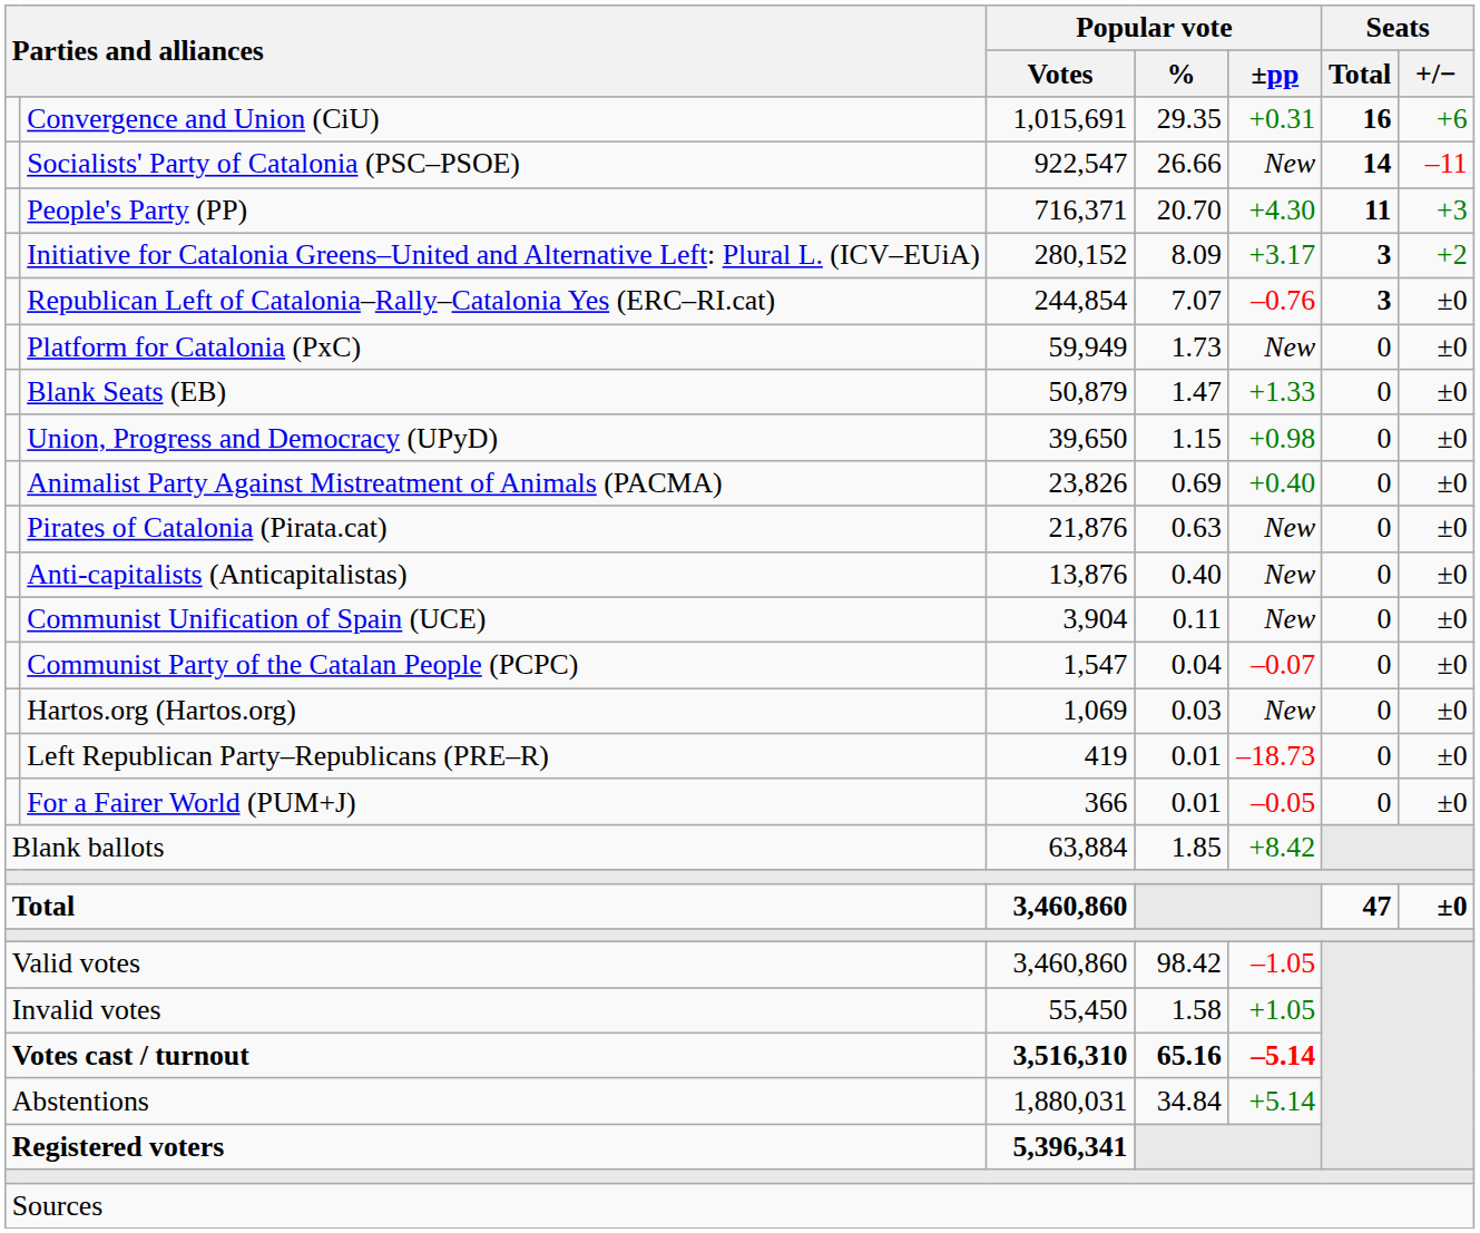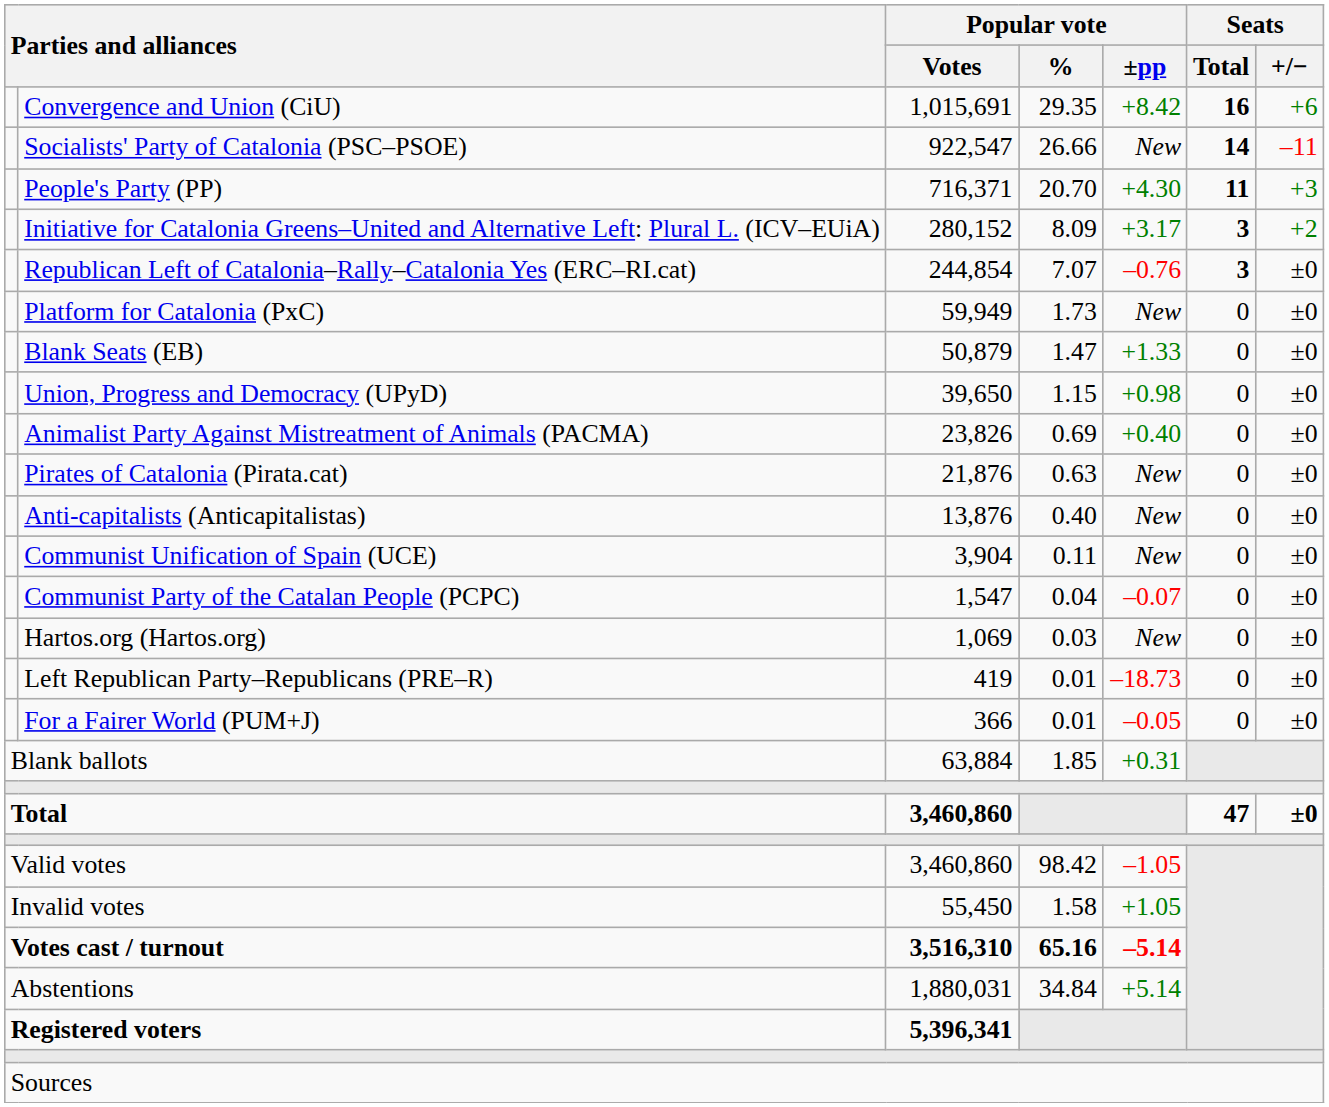 <table class="wikitable" style="text-align:right;">
 <tr>
 <th style="text-align:left;" rowspan="2" colspan="2" width="525">Parties and alliances</th>
 <th colspan="3">Popular vote</th>
 <th colspan="2">Seats</th>
 </tr>
 <tr>
 <th width="75">Votes</th>
 <th width="45">%</th>
 <th width="45">±<a href='#'>pp</a></th>
 <th width="35">Total</th>
 <th width="35">+/−</th>
 </tr>
 <tr>
 <td width="1" style="color:inherit;background:"></td>
 <td align="left"><a href='#'>Convergence and Union</a> (CiU)</td>
 <td>1,015,691</td>
 <td>29.35</td>
-<td style="color:green;">+0.31</td>
+<td style="color:green;">+8.42</td>
 <td><strong>16</strong></td>
 <td style="color:green;">+6</td>
 </tr>
 <tr>
 <td style="color:inherit;background:"></td>
 <td align="left"><a href='#'>Socialists' Party of Catalonia</a> (PSC–PSOE)</td>
 <td>922,547</td>
 <td>26.66</td>
 <td><em>New</em></td>
 <td><strong>14</strong></td>
 <td style="color:red;">–11</td>
 </tr>
 <tr>
 <td style="color:inherit;background:"></td>
 <td align="left"><a href='#'>People's Party</a> (PP)</td>
 <td>716,371</td>
 <td>20.70</td>
 <td style="color:green;">+4.30</td>
 <td><strong>11</strong></td>
 <td style="color:green;">+3</td>
 </tr>
 <tr>
 <td style="color:inherit;background:"></td>
 <td align="left"><a href='#'>Initiative for Catalonia Greens–United and Alternative Left</a>: <a href='#'>Plural L.</a> (ICV–EUiA)</td>
 <td>280,152</td>
 <td>8.09</td>
 <td style="color:green;">+3.17</td>
 <td><strong>3</strong></td>
 <td style="color:green;">+2</td>
 </tr>
 <tr>
 <td style="color:inherit;background:"></td>
 <td align="left"><a href='#'>Republican Left of Catalonia</a>–<a href='#'>Rally</a>–<a href='#'>Catalonia Yes</a> (ERC–RI.cat)</td>
 <td>244,854</td>
 <td>7.07</td>
 <td style="color:red;">–0.76</td>
 <td><strong>3</strong></td>
 <td>±0</td>
 </tr>
 <tr>
 <td style="color:inherit;background:"></td>
 <td align="left"><a href='#'>Platform for Catalonia</a> (PxC)</td>
 <td>59,949</td>
 <td>1.73</td>
 <td><em>New</em></td>
 <td>0</td>
 <td>±0</td>
 </tr>
 <tr>
 <td style="color:inherit;background:"></td>
 <td align="left"><a href='#'>Blank Seats</a> (EB)</td>
 <td>50,879</td>
 <td>1.47</td>
 <td style="color:green;">+1.33</td>
 <td>0</td>
 <td>±0</td>
 </tr>
 <tr>
 <td style="color:inherit;background:"></td>
 <td align="left"><a href='#'>Union, Progress and Democracy</a> (UPyD)</td>
 <td>39,650</td>
 <td>1.15</td>
 <td style="color:green;">+0.98</td>
 <td>0</td>
 <td>±0</td>
 </tr>
 <tr>
 <td style="color:inherit;background:"></td>
 <td align="left"><a href='#'>Animalist Party Against Mistreatment of Animals</a> (PACMA)</td>
 <td>23,826</td>
 <td>0.69</td>
 <td style="color:green;">+0.40</td>
 <td>0</td>
 <td>±0</td>
 </tr>
 <tr>
 <td style="color:inherit;background:"></td>
 <td align="left"><a href='#'>Pirates of Catalonia</a> (Pirata.cat)</td>
 <td>21,876</td>
 <td>0.63</td>
 <td><em>New</em></td>
 <td>0</td>
 <td>±0</td>
 </tr>
 <tr>
 <td style="color:inherit;background:"></td>
 <td align="left"><a href='#'>Anti-capitalists</a> (Anticapitalistas)</td>
 <td>13,876</td>
 <td>0.40</td>
 <td><em>New</em></td>
 <td>0</td>
 <td>±0</td>
 </tr>
 <tr>
 <td style="color:inherit;background:"></td>
 <td align="left"><a href='#'>Communist Unification of Spain</a> (UCE)</td>
 <td>3,904</td>
 <td>0.11</td>
 <td><em>New</em></td>
 <td>0</td>
 <td>±0</td>
 </tr>
 <tr>
 <td style="color:inherit;background:"></td>
 <td align="left"><a href='#'>Communist Party of the Catalan People</a> (PCPC)</td>
 <td>1,547</td>
 <td>0.04</td>
 <td style="color:red;">–0.07</td>
 <td>0</td>
 <td>±0</td>
 </tr>
 <tr>
 <td style="color:inherit;background:"></td>
 <td align="left">Hartos.org (Hartos.org)</td>
 <td>1,069</td>
 <td>0.03</td>
 <td><em>New</em></td>
 <td>0</td>
 <td>±0</td>
 </tr>
 <tr>
 <td style="color:inherit;background:"></td>
 <td align="left">Left Republican Party–Republicans (PRE–R)</td>
 <td>419</td>
 <td>0.01</td>
 <td style="color:red;">–18.73</td>
 <td>0</td>
 <td>±0</td>
 </tr>
 <tr>
 <td style="color:inherit;background:"></td>
 <td align="left"><a href='#'>For a Fairer World</a> (PUM+J)</td>
 <td>366</td>
 <td>0.01</td>
 <td style="color:red;">–0.05</td>
 <td>0</td>
 <td>±0</td>
 </tr>
 <tr>
 <td align="left" colspan="2">Blank ballots</td>
 <td>63,884</td>
 <td>1.85</td>
-<td style="color:green;">+8.42</td>
+<td style="color:green;">+0.31</td>
 <td bgcolor="#E9E9E9" colspan="2"></td>
 </tr>
 <tr>
 <td colspan="7" bgcolor="#E9E9E9"></td>
 </tr>
 <tr style="font-weight:bold;">
 <td align="left" colspan="2">Total</td>
 <td>3,460,860</td>
 <td bgcolor="#E9E9E9" colspan="2"></td>
 <td>47</td>
 <td>±0</td>
 </tr>
 <tr>
 <td colspan="7" bgcolor="#E9E9E9"></td>
 </tr>
 <tr>
 <td align="left" colspan="2">Valid votes</td>
 <td>3,460,860</td>
 <td>98.42</td>
 <td style="color:red;">–1.05</td>
 <td bgcolor="#E9E9E9" colspan="2" rowspan="5"></td>
 </tr>
 <tr>
 <td align="left" colspan="2">Invalid votes</td>
 <td>55,450</td>
 <td>1.58</td>
 <td style="color:green;">+1.05</td>
 </tr>
 <tr style="font-weight:bold;">
 <td align="left" colspan="2">Votes cast / turnout</td>
 <td>3,516,310</td>
 <td>65.16</td>
 <td style="color:red;">–5.14</td>
 </tr>
 <tr>
 <td align="left" colspan="2">Abstentions</td>
 <td>1,880,031</td>
 <td>34.84</td>
 <td style="color:green;">+5.14</td>
 </tr>
 <tr style="font-weight:bold;">
 <td align="left" colspan="2">Registered voters</td>
 <td>5,396,341</td>
 <td bgcolor="#E9E9E9" colspan="2"></td>
 </tr>
 <tr>
 <td colspan="7" bgcolor="#E9E9E9"></td>
 </tr>
 <tr>
 <td align="left" colspan="7">Sources</td>
 </tr>
 </table>
